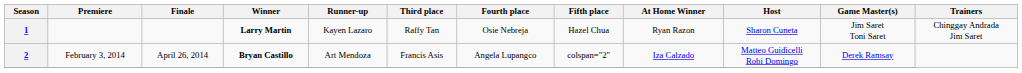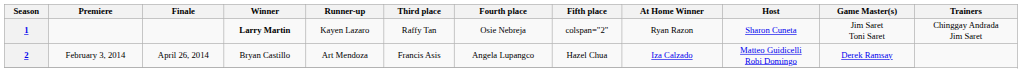 <table class="wikitable" style="text-align:center; font-size:85%; line-height:16px;" width="100%">
 <tr>
 <th>Season</th>
 <th>Premiere</th>
 <th>Finale</th>
 <th>Winner</th>
 <th>Runner-up</th>
 <th>Third place</th>
 <th>Fourth place</th>
 <th>Fifth place</th>
 <th>At Home Winner</th>
 <th>Host</th>
 <th>Game Master(s)</th>
 <th>Trainers</th>
 </tr>
 <tr>
 <th><a href='#'>1</a></th>
 <td></td>
 <td></td>
 <td><strong>Larry Martin</strong></td>
 <td>Kayen Lazaro</td>
 <td>Raffy Tan</td>
 <td>Osie Nebreja</td>
-<td>Hazel Chua</td>
+<td>colspan="2" </td>
 <td>Ryan Razon</td>
 <td><a href='#'>Sharon Cuneta</a></td>
 <td>Jim Saret<br>Toni Saret</td>
 <td>Chinggay Andrada<br>Jim Saret</td>
 </tr>
 <tr>
 <th><a href='#'>2</a></th>
 <td>February 3, 2014</td>
 <td>April 26, 2014</td>
-<td><strong>Bryan Castillo</strong></td>
+<td>Bryan Castillo</td>
 <td>Art Mendoza</td>
 <td>Francis Asis</td>
 <td>Angela Lupangco</td>
-<td>colspan="2" </td>
+<td>Hazel Chua</td>
 <td><a href='#'>Iza Calzado</a></td>
 <td><a href='#'>Matteo Guidicelli</a><br><a href='#'>Robi Domingo</a></td>
 <td><a href='#'>Derek Ramsay</a></td>
 </tr>
 <tr>
 </tr>
 </table>
